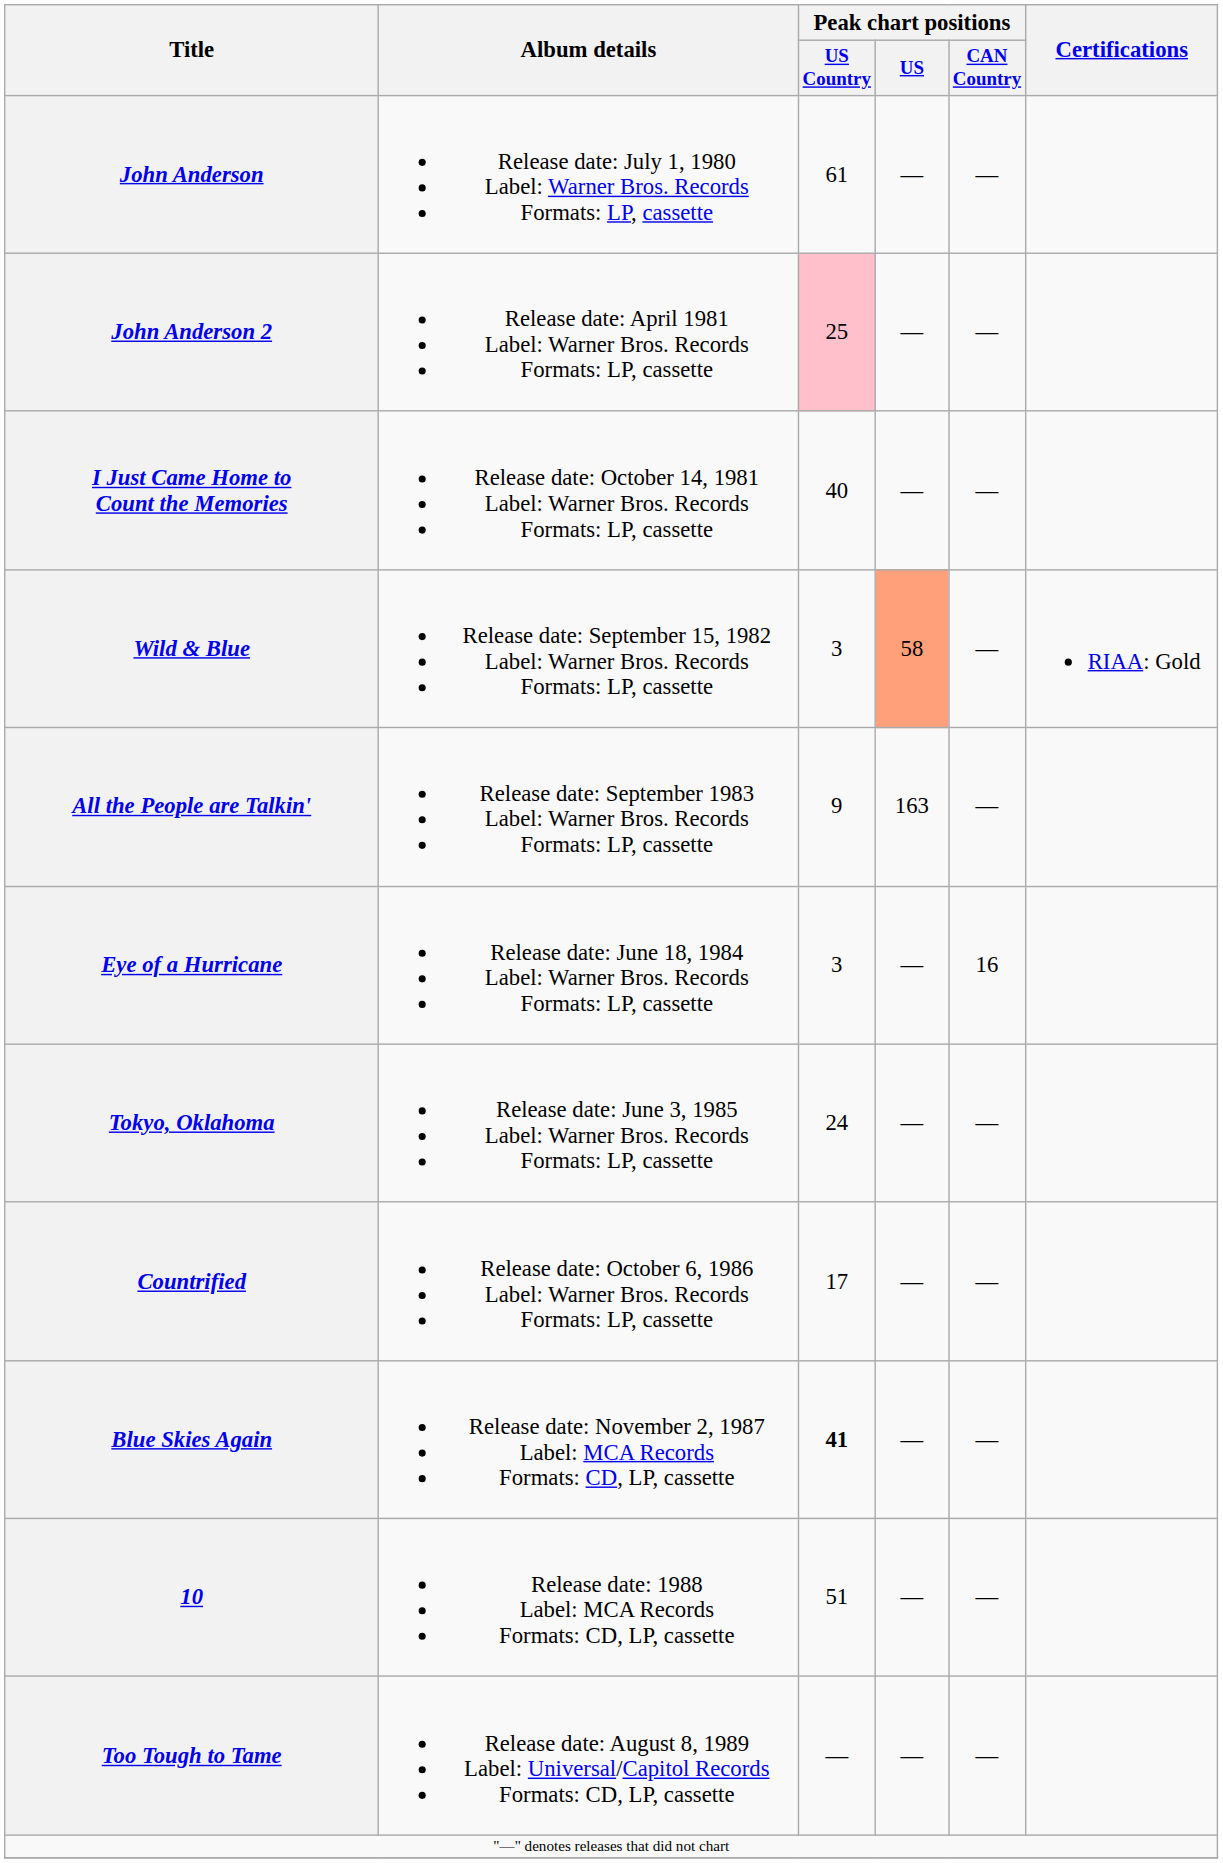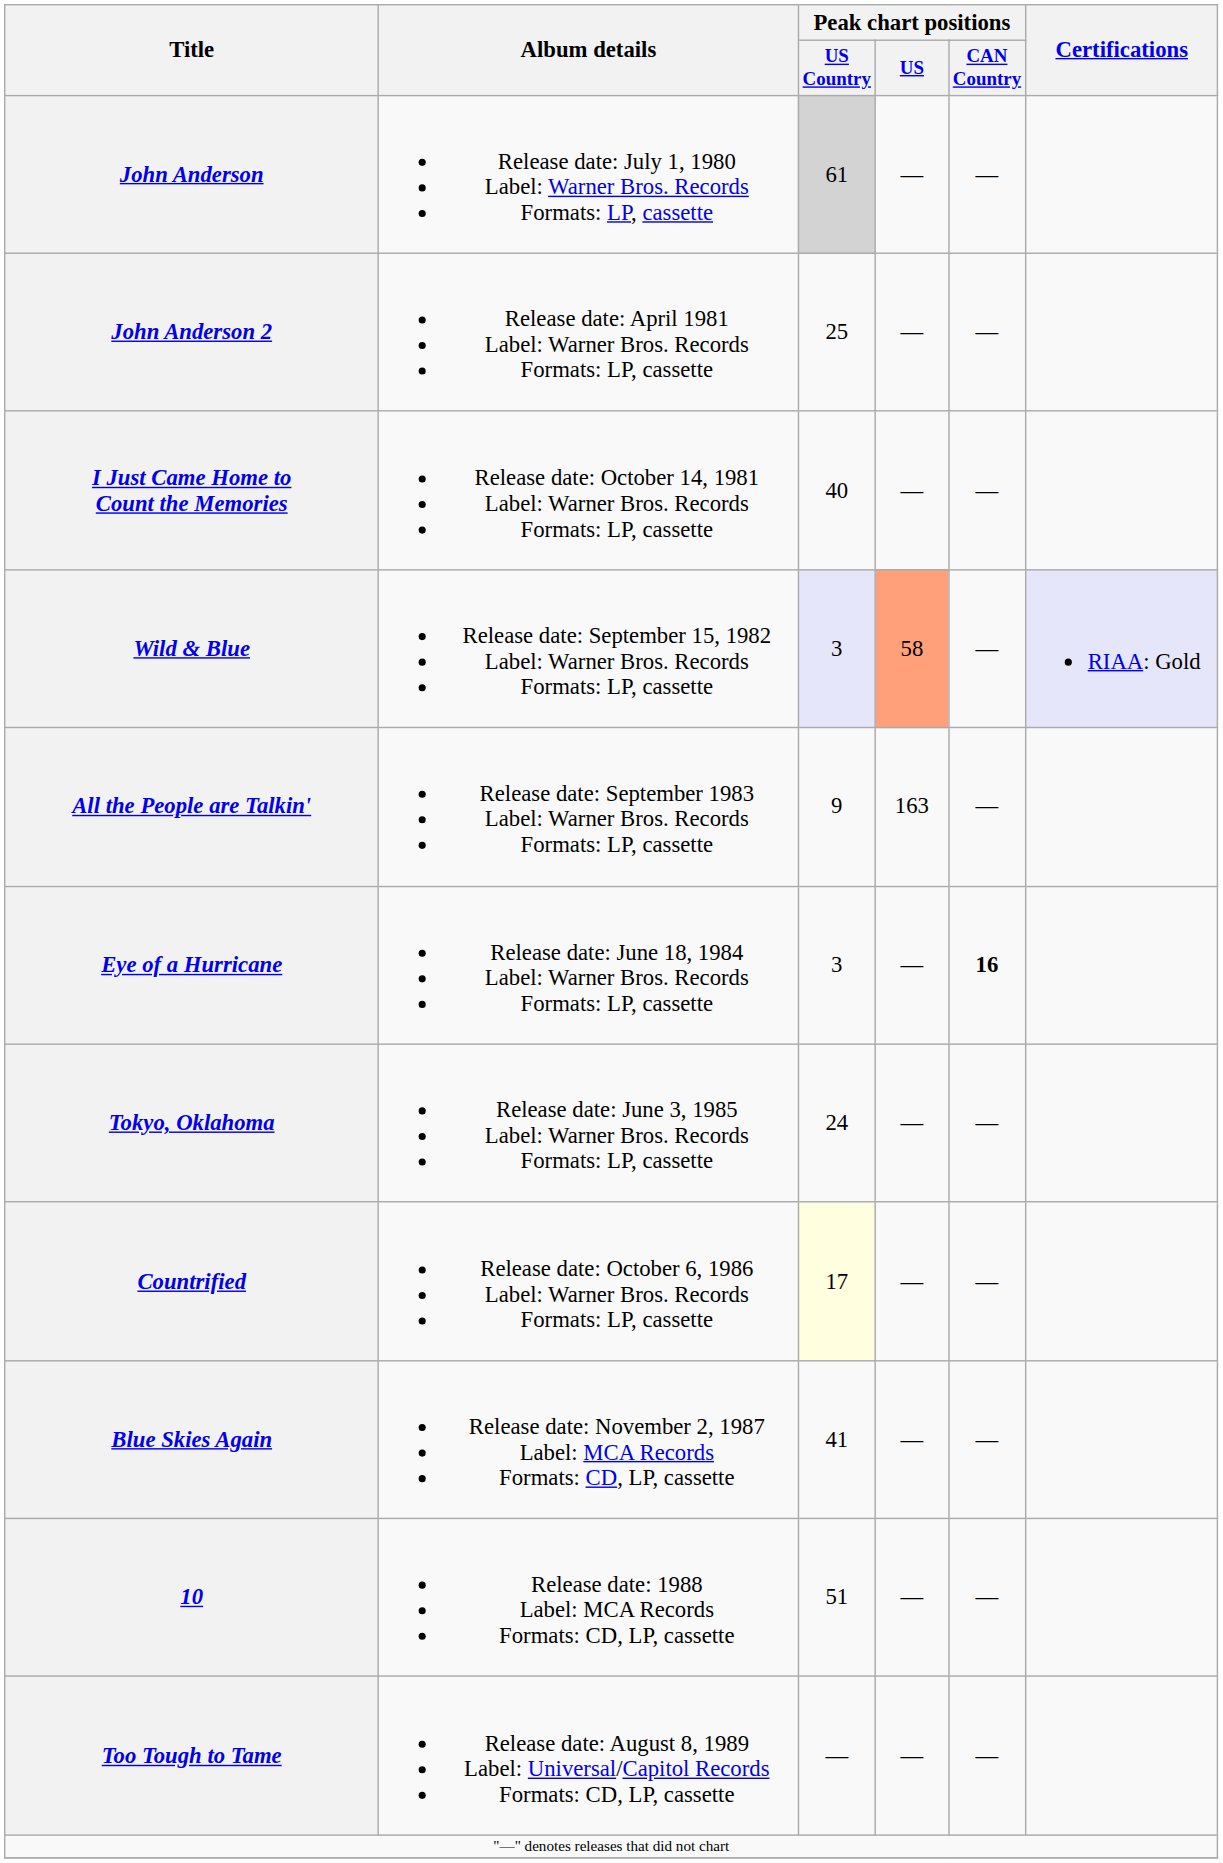 <table class="wikitable plainrowheaders" style="text-align:center;">
 <tr>
 <th rowspan="2" style="width:16em;">Title</th>
 <th rowspan="2" style="width:18em;">Album details</th>
 <th colspan="3">Peak chart positions</th>
 <th rowspan="2" style="width:8em;"><a href='#'>Certifications</a></th>
 </tr>
 <tr style="font-size:smaller;">
 <th width="45"><a href='#'>US Country</a><br></th>
 <th width="45"><a href='#'>US</a><br></th>
 <th width="45"><a href='#'>CAN Country</a><br></th>
 </tr>
 <tr>
 <th scope="row"><em><a href='#'>John Anderson</a></em></th>
 <td><br><ul><li>Release date: July 1, 1980</li><li>Label: <a href='#'>Warner Bros. Records</a></li><li>Formats: <a href='#'>LP</a>, <a href='#'>cassette</a></li></ul></td>
-<td>61</td>
+<td style="background: lightgrey;">61</td>
 <td>—</td>
 <td>—</td>
 <td></td>
 </tr>
 <tr>
 <th scope="row"><em><a href='#'>John Anderson 2</a></em></th>
 <td><br><ul><li>Release date: April 1981</li><li>Label: Warner Bros. Records</li><li>Formats: LP, cassette</li></ul></td>
-<td style="background: pink;">25</td>
+<td>25</td>
 <td>—</td>
 <td>—</td>
 <td></td>
 </tr>
 <tr>
 <th scope="row"><em><a href='#'>I Just Came Home to<br>Count the Memories</a></em></th>
 <td><br><ul><li>Release date: October 14, 1981</li><li>Label: Warner Bros. Records</li><li>Formats: LP, cassette</li></ul></td>
 <td>40</td>
 <td>—</td>
 <td>—</td>
 <td></td>
 </tr>
 <tr>
 <th scope="row"><em><a href='#'>Wild & Blue</a></em></th>
 <td><br><ul><li>Release date: September 15, 1982</li><li>Label: Warner Bros. Records</li><li>Formats: LP, cassette</li></ul></td>
-<td>3</td>
+<td style="background: lavender;">3</td>
 <td style="background: lightsalmon;">58</td>
 <td>—</td>
-<td align="left"><br><ul><li><a href='#'>RIAA</a>: Gold</li></ul></td>
+<td align="left" style="background: lavender;"><br><ul><li><a href='#'>RIAA</a>: Gold</li></ul></td>
 </tr>
 <tr>
 <th scope="row"><em><a href='#'>All the People are Talkin'</a></em></th>
 <td><br><ul><li>Release date: September 1983</li><li>Label: Warner Bros. Records</li><li>Formats: LP, cassette</li></ul></td>
 <td>9</td>
 <td>163</td>
 <td>—</td>
 <td></td>
 </tr>
 <tr>
 <th scope="row"><em><a href='#'>Eye of a Hurricane</a></em></th>
 <td><br><ul><li>Release date: June 18, 1984</li><li>Label: Warner Bros. Records</li><li>Formats: LP, cassette</li></ul></td>
 <td>3</td>
 <td>—</td>
-<td>16</td>
+<td><strong>16</strong></td>
 <td></td>
 </tr>
 <tr>
 <th scope="row"><em><a href='#'>Tokyo, Oklahoma</a></em></th>
 <td><br><ul><li>Release date: June 3, 1985</li><li>Label: Warner Bros. Records</li><li>Formats: LP, cassette</li></ul></td>
 <td>24</td>
 <td>—</td>
 <td>—</td>
 <td></td>
 </tr>
 <tr>
 <th scope="row"><em><a href='#'>Countrified</a></em></th>
 <td><br><ul><li>Release date: October 6, 1986</li><li>Label: Warner Bros. Records</li><li>Formats: LP, cassette</li></ul></td>
-<td>17</td>
+<td style="background: lightyellow;">17</td>
 <td>—</td>
 <td>—</td>
 <td></td>
 </tr>
 <tr>
 <th scope="row"><em><a href='#'>Blue Skies Again</a></em></th>
 <td><br><ul><li>Release date: November 2, 1987</li><li>Label: <a href='#'>MCA Records</a></li><li>Formats: <a href='#'>CD</a>, LP, cassette</li></ul></td>
-<td><strong>41</strong></td>
+<td>41</td>
 <td>—</td>
 <td>—</td>
 <td></td>
 </tr>
 <tr>
 <th scope="row"><em><a href='#'>10</a></em></th>
 <td><br><ul><li>Release date: 1988</li><li>Label: MCA Records</li><li>Formats: CD, LP, cassette</li></ul></td>
 <td>51</td>
 <td>—</td>
 <td>—</td>
 <td></td>
 </tr>
 <tr>
 <th scope="row"><em><a href='#'>Too Tough to Tame</a></em></th>
 <td><br><ul><li>Release date: August 8, 1989</li><li>Label: <a href='#'>Universal</a>/<a href='#'>Capitol Records</a></li><li>Formats: CD, LP, cassette</li></ul></td>
 <td>—</td>
 <td>—</td>
 <td>—</td>
 <td></td>
 </tr>
 <tr>
 <td colspan="10" style="font-size:8pt">"—" denotes releases that did not chart</td>
 </tr>
 <tr>
 </tr>
 </table>
